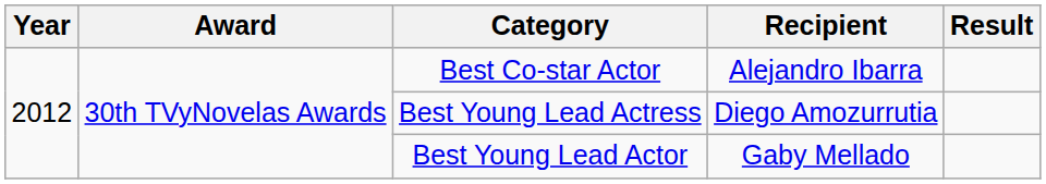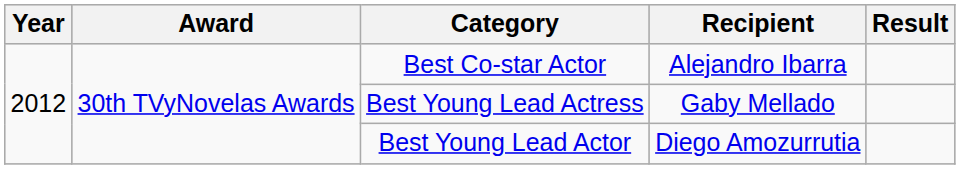 <table class="wikitable plainrowheaders" style="text-align:center;">
 <tr>
 <th scope="col">Year</th>
 <th scope="col">Award</th>
 <th scope="col">Category</th>
 <th scope="col">Recipient</th>
 <th scope="col">Result</th>
 </tr>
 <tr>
 <td rowspan=13>2012</td>
 <td rowspan=13><a href='#'>30th TVyNovelas Awards</a></td>
 <td><a href='#'>Best Co-star Actor</a></td>
 <td><a href='#'>Alejandro Ibarra</a></td>
 <td></td>
 </tr>
 <tr>
 <td><a href='#'>Best Young Lead Actress</a></td>
-<td><a href='#'>Diego Amozurrutia</a></td>
+<td><a href='#'>Gaby Mellado</a></td>
 <td></td>
 </tr>
 <tr>
 <td><a href='#'>Best Young Lead Actor</a></td>
-<td><a href='#'>Gaby Mellado</a></td>
+<td><a href='#'>Diego Amozurrutia</a></td>
 <td></td>
 </tr>
 </table>
